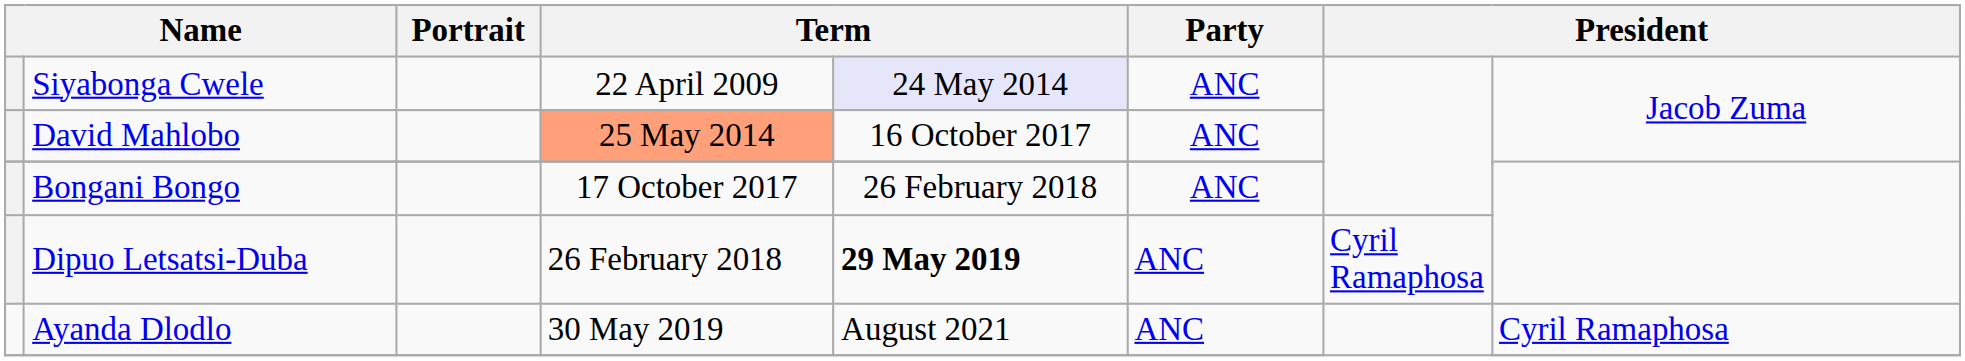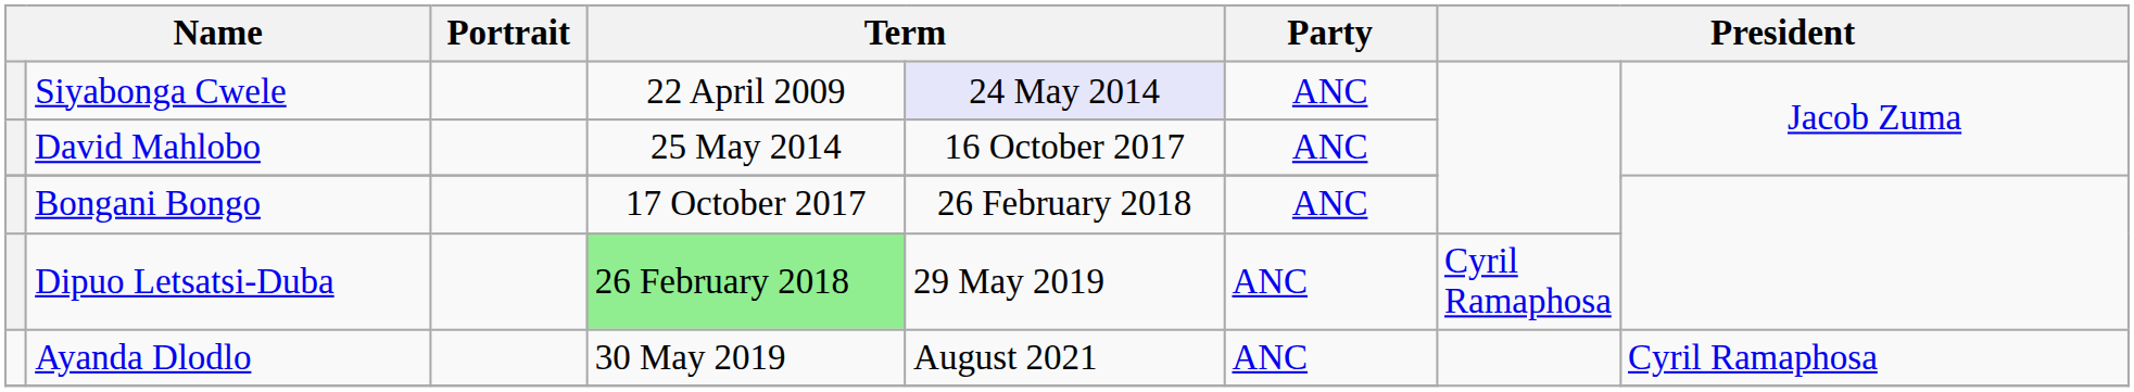 <table class="wikitable" width=60%>
 <tr>
 <th colspan=2 width=20%>Name</th>
 <th width=75>Portrait</th>
 <th colspan=2 width=30%>Term</th>
 <th width=10%>Party</th>
 <th colspan=2 width=25%>President</th>
 </tr>
 <tr style="text-align:center">
 <th style="width:1%;background-color: "></th>
 <td align=left><a href='#'>Siyabonga Cwele</a></td>
 <td></td>
 <td>22 April 2009</td>
 <td style="background: lavender;">24 May 2014</td>
 <td><a href='#'>ANC</a></td>
 <td rowspan=4 style="width:1%;background-color: "></td>
 <td rowspan=3><a href='#'>Jacob Zuma</a><br> </td>
 </tr>
 <tr style="text-align:center">
 <th style="width:1%;background-color: "></th>
 <td align=left><a href='#'>David Mahlobo</a></td>
 <td></td>
-<td style="background: lightsalmon;">25 May 2014</td>
+<td>25 May 2014</td>
 <td>16 October 2017</td>
 <td><a href='#'>ANC</a></td>
 </tr>
 <tr>
 </tr>
 <tr style="text-align:center">
 <th style="width:1%;background-color: "></th>
 <td align=left><a href='#'>Bongani Bongo</a></td>
 <td></td>
 <td>17 October 2017</td>
 <td>26 February 2018</td>
 <td><a href='#'>ANC</a></td>
 </tr>
 <tr>
 <th style="width:1%;background-color: "></th>
 <td align=left><a href='#'>Dipuo Letsatsi-Duba</a></td>
 <td></td>
-<td>26 February 2018</td>
-<td><strong>29 May 2019</strong></td>
+<td style="background: lightgreen;">26 February 2018</td>
+<td>29 May 2019</td>
 <td><a href='#'>ANC</a></td>
 <td><a href='#'>Cyril Ramaphosa</a><br> </td>
 </tr>
 <tr>
 <td style="width:1%;background-color: "></td>
 <td align=left><a href='#'>Ayanda Dlodlo</a></td>
 <td></td>
 <td>30 May 2019</td>
 <td>August 2021</td>
 <td><a href='#'>ANC</a></td>
 <td rowspan=4 style="width:1%;background-color: "></td>
 <td><a href='#'>Cyril Ramaphosa</a><br> </td>
 </tr>
 <tr>
 </tr>
 </table>
